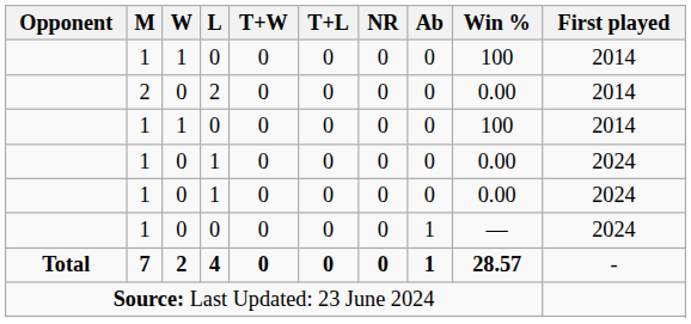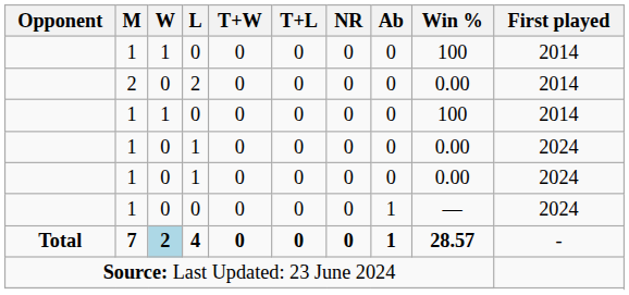 <table class="wikitable" style="text-align: center; width: 500px;">
 <tr>
 <th>Opponent</th>
 <th>M</th>
 <th>W</th>
 <th>L</th>
 <th>T+W</th>
 <th>T+L</th>
 <th>NR</th>
 <th>Ab</th>
 <th>Win %</th>
 <th>First played</th>
 </tr>
 <tr>
 <td align="left"></td>
 <td>1</td>
 <td>1</td>
 <td>0</td>
 <td>0</td>
 <td>0</td>
 <td>0</td>
 <td>0</td>
 <td>100</td>
 <td>2014</td>
 </tr>
 <tr>
 <td align="left"></td>
 <td>2</td>
 <td>0</td>
 <td>2</td>
 <td>0</td>
 <td>0</td>
 <td>0</td>
 <td>0</td>
 <td>0.00</td>
 <td>2014</td>
 </tr>
 <tr>
 <td align="left"></td>
 <td>1</td>
 <td>1</td>
 <td>0</td>
 <td>0</td>
 <td>0</td>
 <td>0</td>
 <td>0</td>
 <td>100</td>
 <td>2014</td>
 </tr>
 <tr>
 <td align="left"></td>
 <td>1</td>
 <td>0</td>
 <td>1</td>
 <td>0</td>
 <td>0</td>
 <td>0</td>
 <td>0</td>
 <td>0.00</td>
 <td>2024</td>
 </tr>
 <tr>
 <td align="left"></td>
 <td>1</td>
 <td>0</td>
 <td>1</td>
 <td>0</td>
 <td>0</td>
 <td>0</td>
 <td>0</td>
 <td>0.00</td>
 <td>2024</td>
 </tr>
 <tr>
 <td align="left"></td>
 <td>1</td>
 <td>0</td>
 <td>0</td>
 <td>0</td>
 <td>0</td>
 <td>0</td>
 <td>1</td>
 <td>—</td>
 <td>2024</td>
 </tr>
 <tr>
 <td><strong>Total</strong></td>
 <td><strong>7</strong></td>
-<td><strong>2</strong></td>
+<td style="background: lightblue;"><strong>2</strong></td>
 <td><strong>4</strong></td>
 <td><strong>0</strong></td>
 <td><strong>0</strong></td>
 <td><strong>0</strong></td>
 <td><strong>1</strong></td>
 <td><strong>28.57</strong></td>
 <td>-</td>
 </tr>
 <tr>
 <td colspan="9"><strong>Source:</strong> Last Updated: 23 June 2024</td>
 </tr>
 <tr>
 </tr>
 </table>
